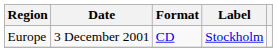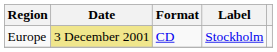 <table class="wikitable plainrowheaders">
 <tr>
 <th scope="col">Region</th>
 <th scope="col">Date</th>
 <th scope="col">Format</th>
 <th scope="col">Label</th>
 <th scope="col"></th>
 </tr>
 <tr>
 <td>Europe</td>
-<td>3 December 2001</td>
+<td style="background: khaki;">3 December 2001</td>
 <td><a href='#'>CD</a></td>
 <td><a href='#'>Stockholm</a></td>
 <td></td>
 </tr>
 <tr>
 </tr>
 </table>
